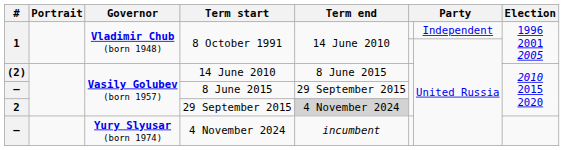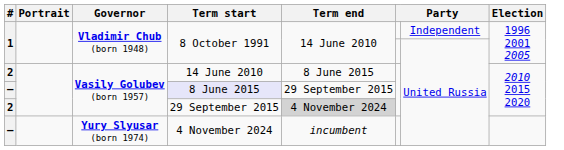 <table class="wikitable" style="text-align:center">
 <tr style="background:#cccccc" bgcolor=#E6E6AA>
 <th>#</th>
 <th>Portrait</th>
 <th>Governor</th>
 <th>Term start</th>
 <th>Term end</th>
 <th colspan=2>Party</th>
 <th>Election</th>
 </tr>
 <tr>
 <th rowspan=2>1</th>
 <td rowspan=2></td>
 <td rowspan=2><strong><a href='#'>Vladimir Chub</a></strong><br><small>(born 1948)</small></td>
 <td rowspan=2>8 October 1991</td>
 <td rowspan=2>14 June 2010</td>
 <td style="background: "></td>
 <td><a href='#'>Independent</a></td>
 <td rowspan=2><a href='#'>1996</a><br><a href='#'>2001</a><br><em><a href='#'>2005</a></em></td>
 </tr>
 <tr>
 <td style="background: "></td>
 <td rowspan=5><a href='#'>United Russia</a></td>
 </tr>
 <tr>
-<th>(2)</th>
+<th>2</th>
 <td rowspan=3></td>
 <td rowspan=3><strong><a href='#'>Vasily Golubev</a></strong><br><small>(born 1957)</small></td>
 <td>14 June 2010</td>
 <td>8 June 2015</td>
 <td rowspan=3; style="background: "></td>
 <td rowspan=3><em><a href='#'>2010</a></em><br><a href='#'>2015</a><br><a href='#'>2020</a></td>
 </tr>
 <tr>
 <th>—</th>
-<td>8 June 2015</td>
+<td style="background: lavender;">8 June 2015</td>
 <td>29 September 2015</td>
 </tr>
 <tr>
 <th>2</th>
 <td>29 September 2015</td>
 <td style="background: lightgrey;">4 November 2024</td>
 </tr>
 <tr>
 <th>—</th>
 <td></td>
 <td><strong><a href='#'>Yury Slyusar</a></strong><br><small>(born 1974)</small></td>
 <td>4 November 2024</td>
 <td><em>incumbent</em></td>
 <td style="background: "></td>
 <td></td>
 </tr>
 </table>
